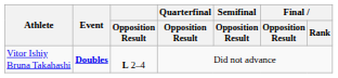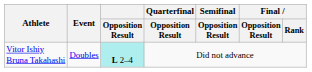 <table class="wikitable" style="font-size:90%;">
 <tr>
 <th rowspan=2>Athlete</th>
 <th rowspan=2>Event</th>
 <th></th>
 <th>Quarterfinal</th>
 <th>Semifinal</th>
 <th colspan=2>Final / </th>
 </tr>
 <tr style="font-size:95%">
 <th>Opposition<br>Result</th>
 <th>Opposition<br>Result</th>
 <th>Opposition<br>Result</th>
 <th>Opposition<br>Result</th>
 <th>Rank</th>
 </tr>
 <tr align=center>
 <td align=left><a href='#'>Vitor Ishiy</a><br><a href='#'>Bruna Takahashi</a></td>
-<td align=left><strong><a href='#'>Doubles</a></strong></td>
-<td><br><strong>L</strong> 2–4</td>
+<td align=left><a href='#'>Doubles</a></td>
+<td style="background: paleturquoise;"><br><strong>L</strong> 2–4</td>
 <td colspan=4>Did not advance</td>
 </tr>
 </table>
